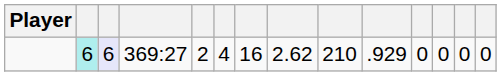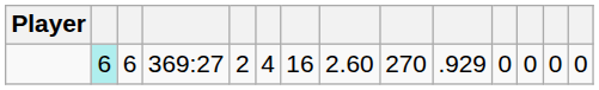 <table class="wikitable sortable" style="text-align:center;">
 <tr>
 <th>Player</th>
 <th></th>
 <th></th>
 <th></th>
 <th></th>
 <th></th>
 <th></th>
 <th></th>
 <th></th>
 <th></th>
 <th></th>
 <th></th>
 <th></th>
 <th></th>
 </tr>
 <tr>
 <td style="text-align:left;"></td>
 <td style="background: paleturquoise;">6</td>
-<td style="background: lavender;">6</td>
+<td>6</td>
 <td>369:27</td>
 <td>2</td>
 <td>4</td>
 <td>16</td>
-<td>2.62</td>
-<td>210</td>
+<td>2.60</td>
+<td>270</td>
 <td>.929</td>
 <td>0</td>
 <td>0</td>
 <td>0</td>
 <td>0</td>
 </tr>
 </table>
